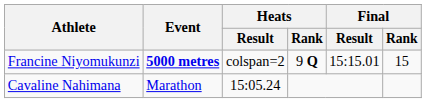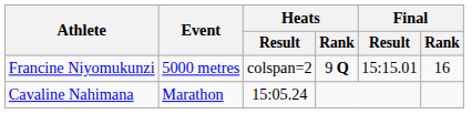 <table class=wikitable style=font-size:90%>
 <tr>
 <th rowspan=2>Athlete</th>
 <th rowspan=2>Event</th>
 <th colspan=2>Heats</th>
 <th colspan=2>Final</th>
 </tr>
 <tr style=font-size:95%>
 <th>Result</th>
 <th>Rank</th>
 <th>Result</th>
 <th>Rank</th>
 </tr>
 <tr align=center>
 <td align=left><a href='#'>Francine Niyomukunzi</a></td>
-<td align=left><strong><a href='#'>5000 metres</a></strong></td>
+<td align=left><a href='#'>5000 metres</a></td>
 <td>colspan=2 </td>
 <td>9 <strong>Q</strong></td>
 <td>15:15.01</td>
-<td>15</td>
+<td>16</td>
 </tr>
 <tr align=center>
 <td align=left><a href='#'>Cavaline Nahimana</a></td>
 <td align=left><a href='#'>Marathon</a></td>
 <td>15:05.24</td>
 <td colspan=2></td>
 </tr>
 </table>
